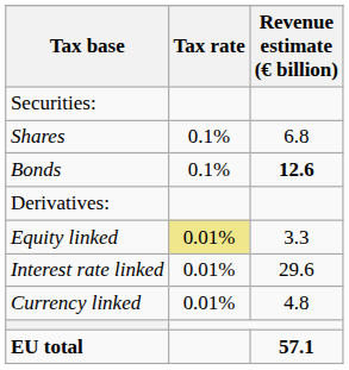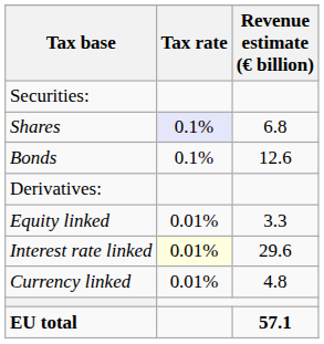 <table class="wikitable" style="float: right; margin:0 0 1em 1em; font-size: 90%; ">
 <tr>
 </tr>
 <tr>
 <th>Tax base</th>
 <th>Tax rate</th>
 <th>Revenue <br> estimate <br> (€ billion)</th>
 </tr>
 <tr>
 <td align=left>Securities:</td>
 <td align=center></td>
 <td align=center></td>
 </tr>
 <tr>
 <td align=left><em>Shares</em></td>
-<td align=center>0.1%</td>
+<td align=center style="background: lavender;">0.1%</td>
 <td align=center>6.8</td>
 </tr>
 <tr>
 <td align=left><em>Bonds</em></td>
 <td align=center>0.1%</td>
-<td align=center><strong>12.6</strong></td>
+<td align=center>12.6</td>
 </tr>
 <tr>
 <td align=left>Derivatives:</td>
 <td align=center></td>
 <td align=center></td>
 </tr>
 <tr>
 <td align=left><em>Equity linked</em></td>
-<td align=center style="background: khaki;">0.01%</td>
+<td align=center>0.01%</td>
 <td align=center>3.3</td>
 </tr>
 <tr>
 <td align=left><em>Interest rate linked</em></td>
-<td align=center>0.01%</td>
+<td align=center style="background: lightyellow;">0.01%</td>
 <td align=center>29.6</td>
 </tr>
 <tr>
 <td align=left><em>Currency linked</em></td>
 <td align=center>0.01%</td>
 <td align=center>4.8</td>
 </tr>
 <tr>
 <th></th>
 <td colspan="2" style="text-align: right;"></td>
 </tr>
 <tr>
 <td align=left><strong>EU total</strong></td>
 <td align=center></td>
 <td align=center><strong>57.1</strong></td>
 </tr>
 </table>
